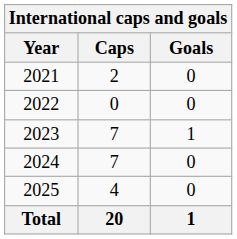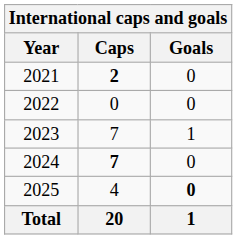 <table class="wikitable sortable" style="text-align:center">
 <tr>
 <th colspan="3">International caps and goals</th>
 </tr>
 <tr>
 <th>Year</th>
 <th>Caps</th>
 <th>Goals</th>
 </tr>
 <tr>
 <td>2021</td>
-<td>2</td>
+<td><strong>2</strong></td>
 <td>0</td>
 </tr>
 <tr>
 <td>2022</td>
 <td>0</td>
 <td>0</td>
 </tr>
 <tr>
 <td>2023</td>
 <td>7</td>
 <td>1</td>
 </tr>
 <tr>
 <td>2024</td>
-<td>7</td>
+<td><strong>7</strong></td>
 <td>0</td>
 </tr>
 <tr>
 <td>2025</td>
 <td>4</td>
-<td>0</td>
+<td><strong>0</strong></td>
 </tr>
 <tr>
 <th>Total</th>
 <th>20</th>
 <th>1</th>
 </tr>
 </table>
